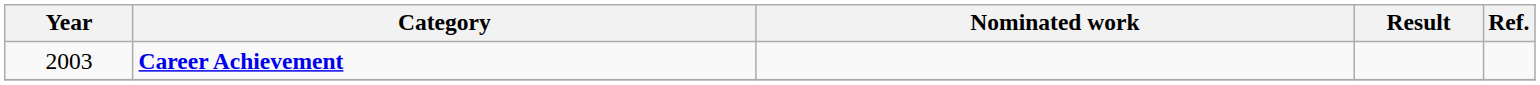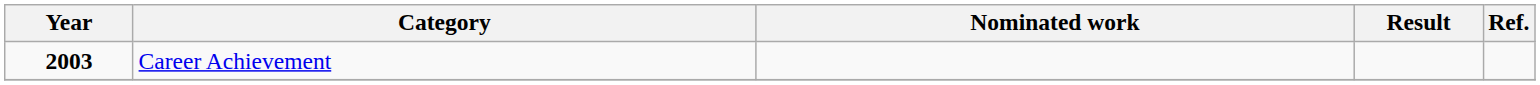 <table class=wikitable>
 <tr>
 <th scope="col" style="width:5em;">Year</th>
 <th scope="col" style="width:26em;">Category</th>
 <th scope="col" style="width:25em;">Nominated work</th>
 <th scope="col" style="width:5em;">Result</th>
 <th>Ref.</th>
 </tr>
 <tr>
-<td style="text-align:center;">2003</td>
-<td><strong><a href='#'>Career Achievement</a></strong></td>
+<td style="text-align:center;"><strong>2003</strong></td>
+<td><a href='#'>Career Achievement</a></td>
 <td></td>
 <td></td>
 <td></td>
 </tr>
 <tr>
 </tr>
 </table>
